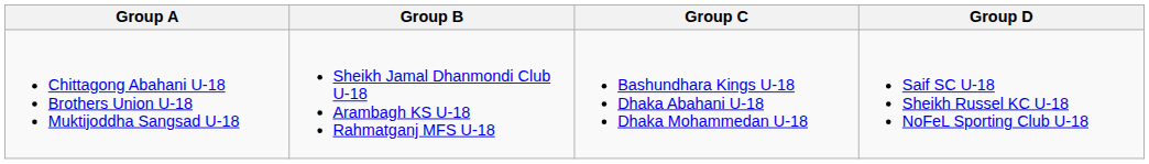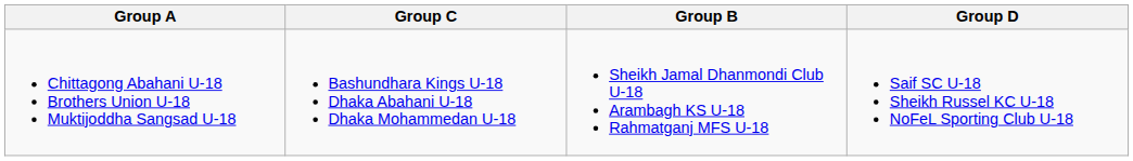 <table class="wikitable"width=58%>
 <tr>
 <th width=20%>Group A</th>
+<th width=20%>Group C</th>
 <th width=20%>Group B</th>
-<th width=20%>Group C</th>
 <th width=20%>Group D</th>
 </tr>
 <tr>
 <td><br><ul><li><a href='#'>Chittagong Abahani U-18</a></li><li><a href='#'>Brothers Union U-18</a></li><li><a href='#'>Muktijoddha Sangsad U-18</a></li></ul></td>
+<td><br><ul><li><a href='#'>Bashundhara Kings U-18</a></li><li><a href='#'>Dhaka Abahani U-18</a></li><li><a href='#'>Dhaka Mohammedan U-18</a></li></ul></td>
 <td><br><ul><li><a href='#'>Sheikh Jamal Dhanmondi Club U-18</a></li><li><a href='#'>Arambagh KS U-18</a></li><li><a href='#'>Rahmatganj MFS U-18</a></li></ul></td>
-<td><br><ul><li><a href='#'>Bashundhara Kings U-18</a></li><li><a href='#'>Dhaka Abahani U-18</a></li><li><a href='#'>Dhaka Mohammedan U-18</a></li></ul></td>
 <td><br><ul><li><a href='#'>Saif SC U-18</a></li><li><a href='#'>Sheikh Russel KC U-18</a></li><li><a href='#'>NoFeL Sporting Club U-18</a></li></ul></td>
 </tr>
 </table>
